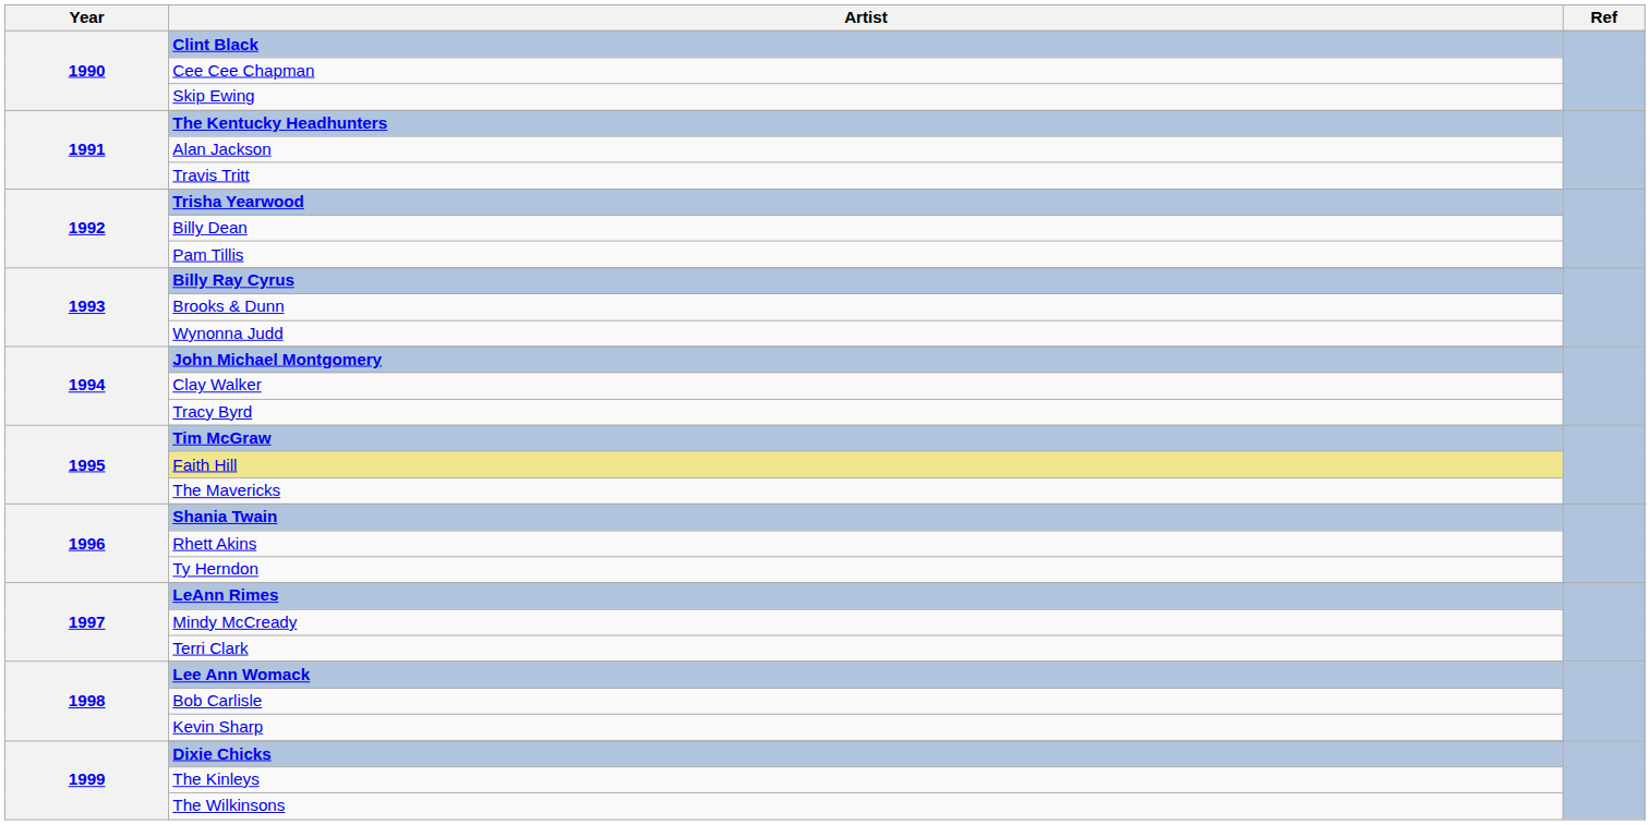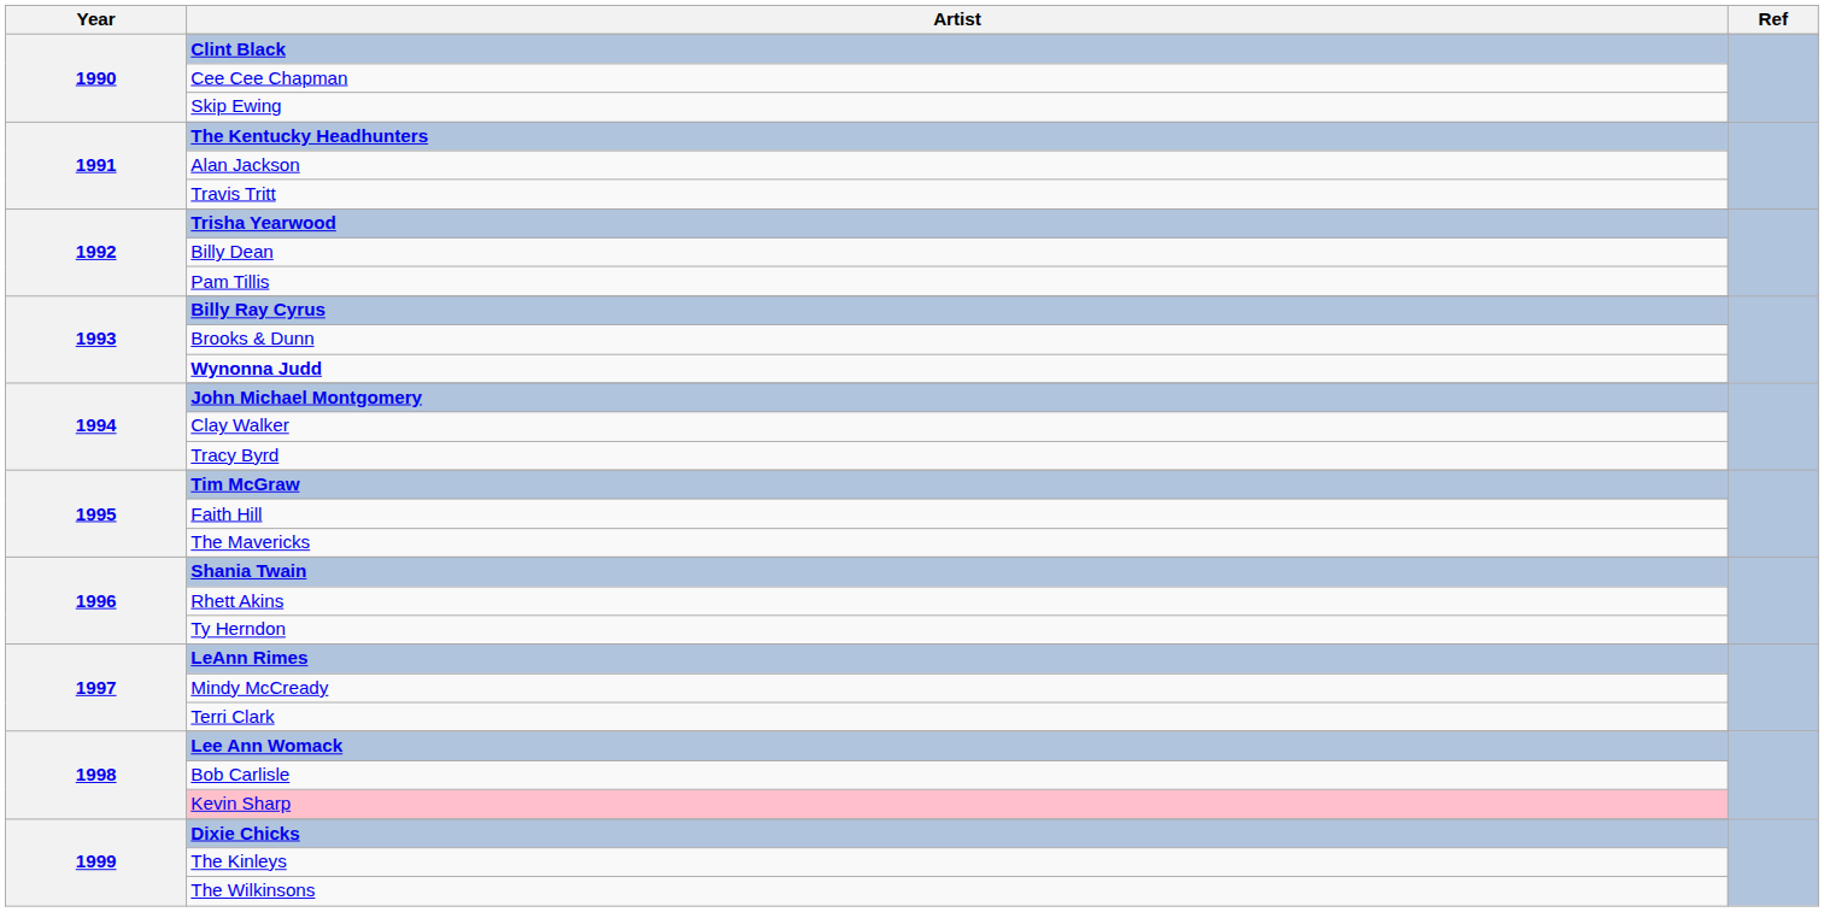 <table class="wikitable" width="100%">
 <tr>
 <th width="10%">Year</th>
 <th width="85%">Artist</th>
 <th width="5%">Ref</th>
 </tr>
 <tr>
 <th rowspan="4" align="center"><a href='#'>1990<br></a></th>
 </tr>
 <tr style="background:#B0C4DE">
 <td><strong><a href='#'>Clint Black</a></strong></td>
 <td rowspan="4" align="center"></td>
 </tr>
 <tr>
 <td><a href='#'>Cee Cee Chapman</a></td>
 </tr>
 <tr>
 <td><a href='#'>Skip Ewing</a></td>
 </tr>
 <tr>
 <th rowspan="4" align="center"><a href='#'>1991<br></a></th>
 </tr>
 <tr style="background:#B0C4DE">
 <td><strong><a href='#'>The Kentucky Headhunters</a></strong></td>
 <td rowspan="4" align="center"></td>
 </tr>
 <tr>
 <td><a href='#'>Alan Jackson</a></td>
 </tr>
 <tr>
 <td><a href='#'>Travis Tritt</a></td>
 </tr>
 <tr>
 <th rowspan="4" align="center"><a href='#'>1992<br></a></th>
 </tr>
 <tr style="background:#B0C4DE">
 <td><strong><a href='#'>Trisha Yearwood</a></strong></td>
 <td rowspan="4" align="center"></td>
 </tr>
 <tr>
 <td><a href='#'>Billy Dean</a></td>
 </tr>
 <tr>
 <td><a href='#'>Pam Tillis</a></td>
 </tr>
 <tr>
 <th rowspan="4" align="center"><a href='#'>1993<br></a></th>
 </tr>
 <tr style="background:#B0C4DE">
 <td><strong><a href='#'>Billy Ray Cyrus</a></strong></td>
 <td rowspan="4" align="center"></td>
 </tr>
 <tr>
 <td><a href='#'>Brooks & Dunn</a></td>
 </tr>
 <tr>
-<td><a href='#'>Wynonna Judd</a></td>
+<td><strong><a href='#'>Wynonna Judd</a></strong></td>
 </tr>
 <tr>
 <th rowspan="4" align="center"><a href='#'>1994<br></a></th>
 </tr>
 <tr style="background:#B0C4DE">
 <td><strong><a href='#'>John Michael Montgomery</a></strong></td>
 <td rowspan="4" align="center"></td>
 </tr>
 <tr>
 <td><a href='#'>Clay Walker</a></td>
 </tr>
 <tr>
 <td><a href='#'>Tracy Byrd</a></td>
 </tr>
 <tr>
 <th rowspan="4" align="center"><a href='#'>1995<br></a></th>
 </tr>
 <tr style="background:#B0C4DE">
 <td><strong><a href='#'>Tim McGraw</a></strong></td>
 <td rowspan="4" align="center"></td>
 </tr>
 <tr>
-<td style="background: khaki;"><a href='#'>Faith Hill</a></td>
+<td><a href='#'>Faith Hill</a></td>
 </tr>
 <tr>
 <td><a href='#'>The Mavericks</a></td>
 </tr>
 <tr>
 <th rowspan="4" align="center"><a href='#'>1996<br></a></th>
 </tr>
 <tr style="background:#B0C4DE">
 <td><strong><a href='#'>Shania Twain</a></strong></td>
 <td rowspan="4" align="center"></td>
 </tr>
 <tr>
 <td><a href='#'>Rhett Akins</a></td>
 </tr>
 <tr>
 <td><a href='#'>Ty Herndon</a></td>
 </tr>
 <tr>
 <th rowspan="4" align="center"><a href='#'>1997<br></a></th>
 </tr>
 <tr style="background:#B0C4DE">
 <td><strong><a href='#'>LeAnn Rimes</a></strong></td>
 <td rowspan="4" align="center"></td>
 </tr>
 <tr>
 <td><a href='#'>Mindy McCready</a></td>
 </tr>
 <tr>
 <td><a href='#'>Terri Clark</a></td>
 </tr>
 <tr>
 <th rowspan="4" align="center"><a href='#'>1998<br></a></th>
 </tr>
 <tr style="background:#B0C4DE">
 <td><strong><a href='#'>Lee Ann Womack</a></strong></td>
 <td rowspan="4" align="center"></td>
 </tr>
 <tr>
 <td><a href='#'>Bob Carlisle</a></td>
 </tr>
 <tr>
-<td><a href='#'>Kevin Sharp</a></td>
+<td style="background: pink;"><a href='#'>Kevin Sharp</a></td>
 </tr>
 <tr>
 <th rowspan="4" align="center"><a href='#'>1999<br></a></th>
 </tr>
 <tr style="background:#B0C4DE">
 <td><strong><a href='#'>Dixie Chicks</a></strong></td>
 <td rowspan="4" align="center"></td>
 </tr>
 <tr>
 <td><a href='#'>The Kinleys</a></td>
 </tr>
 <tr>
 <td><a href='#'>The Wilkinsons</a></td>
 </tr>
 </table>
